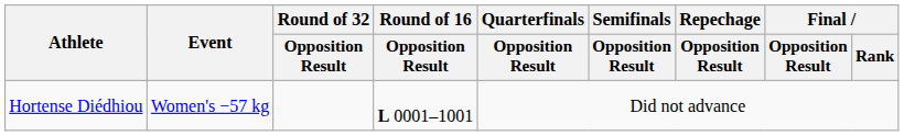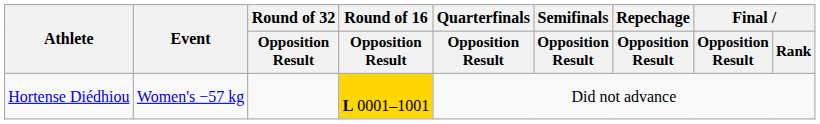 <table class="wikitable" style="font-size:90%">
 <tr>
 <th rowspan="2">Athlete</th>
 <th rowspan="2">Event</th>
 <th>Round of 32</th>
 <th>Round of 16</th>
 <th>Quarterfinals</th>
 <th>Semifinals</th>
 <th>Repechage</th>
 <th colspan=2>Final / </th>
 </tr>
 <tr style="font-size:95%">
 <th>Opposition<br>Result</th>
 <th>Opposition<br>Result</th>
 <th>Opposition<br>Result</th>
 <th>Opposition<br>Result</th>
 <th>Opposition<br>Result</th>
 <th>Opposition<br>Result</th>
 <th>Rank</th>
 </tr>
 <tr align=center>
 <td align=left><a href='#'>Hortense Diédhiou</a></td>
 <td align=left><a href='#'>Women's −57 kg</a></td>
 <td></td>
-<td><br><strong>L</strong> 0001–1001</td>
+<td style="background: gold;"><br><strong>L</strong> 0001–1001</td>
 <td colspan=5>Did not advance</td>
 </tr>
 </table>
